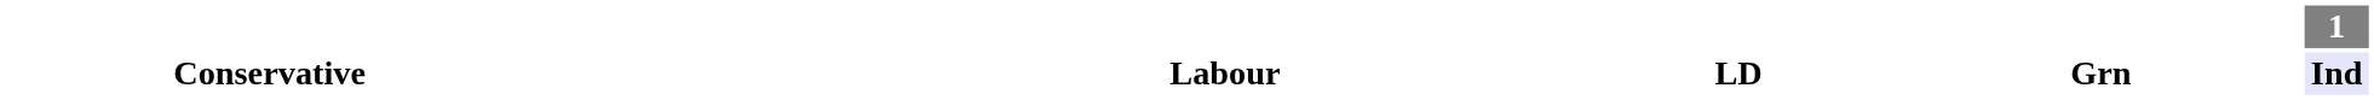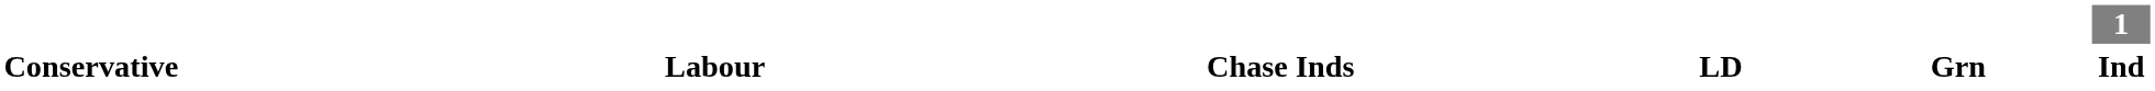 <table style="width:100%; text-align:center;">
 <tr style="color:white;">
 <td style="background-color:"><strong>25</strong></td>
 <td style="background-color:"><strong>8</strong></td>
+<td style="background-color:"><strong>3</strong></td>
 <td style="background-color:"><strong>2</strong></td>
 <td style="background-color:"><strong>2</strong></td>
 <td style="background-color:gray; width:2.4%;"><strong>1</strong></td>
 </tr>
 <tr>
 <td><span><strong>Conservative</strong></span></td>
 <td><span><strong>Labour</strong></span></td>
+<td><span><strong>Chase Inds</strong></span></td>
 <td><span><strong>LD</strong></span></td>
 <td><span><strong>Grn</strong></span></td>
-<td style="background: lavender;"><span><strong>Ind</strong></span></td>
+<td><span><strong>Ind</strong></span></td>
 </tr>
 </table>
